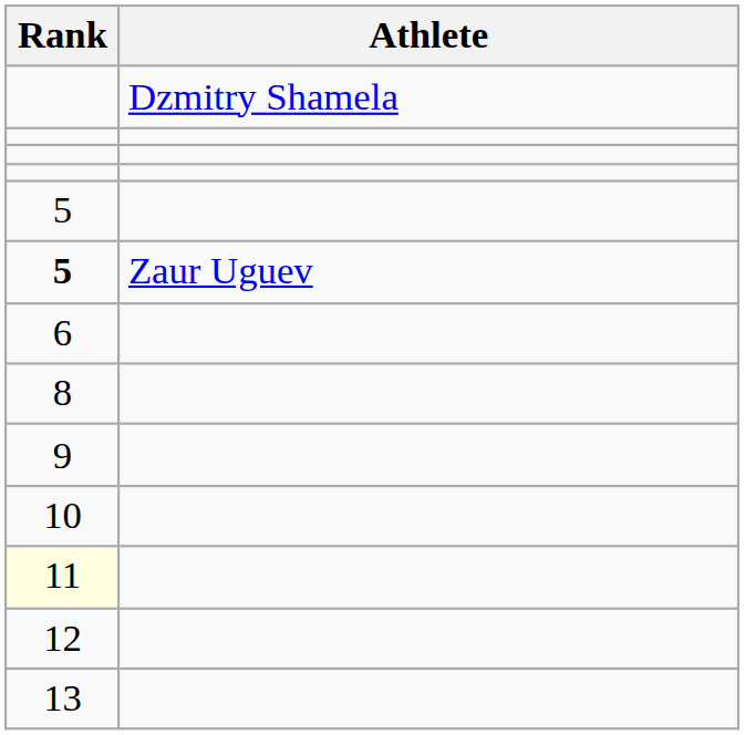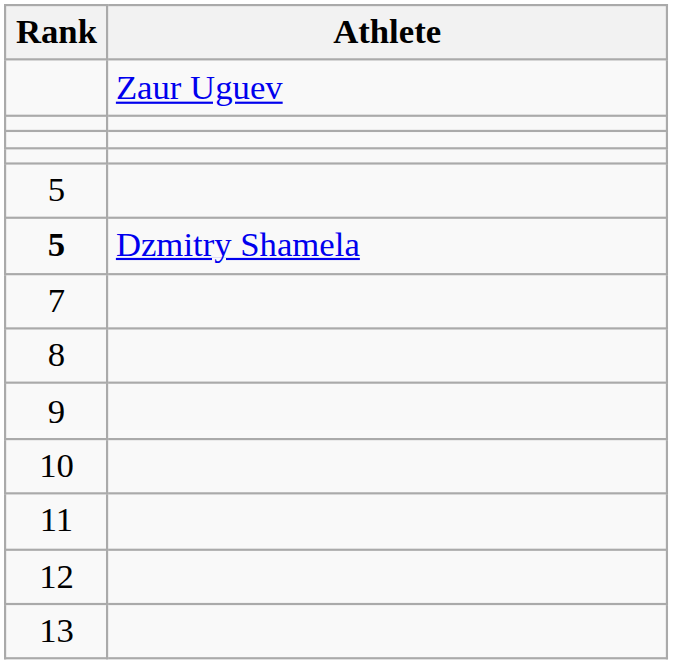 <table class="wikitable" style="text-align: center;">
 <tr>
 <th width=40>Rank</th>
 <th width=250>Athlete</th>
 </tr>
 <tr>
 <td></td>
-<td align="left"> <a href='#'>Dzmitry Shamela</a> </td>
+<td align="left"> <a href='#'>Zaur Uguev</a> </td>
 </tr>
 <tr>
 <td></td>
 <td align="left"></td>
 </tr>
 <tr>
 <td></td>
 <td align="left"></td>
 </tr>
 <tr>
 <td></td>
 <td align="left"></td>
 </tr>
 <tr>
 <td>5</td>
 <td align="left"></td>
 </tr>
 <tr>
 <td><strong>5</strong></td>
-<td align="left"> <a href='#'>Zaur Uguev</a> </td>
+<td align="left"> <a href='#'>Dzmitry Shamela</a> </td>
 </tr>
 <tr>
-<td>6</td>
+<td>7</td>
 <td align="left"></td>
 </tr>
 <tr>
 <td>8</td>
 <td align="left"></td>
 </tr>
 <tr>
 <td>9</td>
 <td align="left"></td>
 </tr>
 <tr>
 <td>10</td>
 <td align="left"></td>
 </tr>
 <tr>
-<td style="background: lightyellow;">11</td>
+<td>11</td>
 <td align="left"></td>
 </tr>
 <tr>
 <td>12</td>
 <td align="left"></td>
 </tr>
 <tr>
 <td>13</td>
 <td align="left"></td>
 </tr>
 </table>
